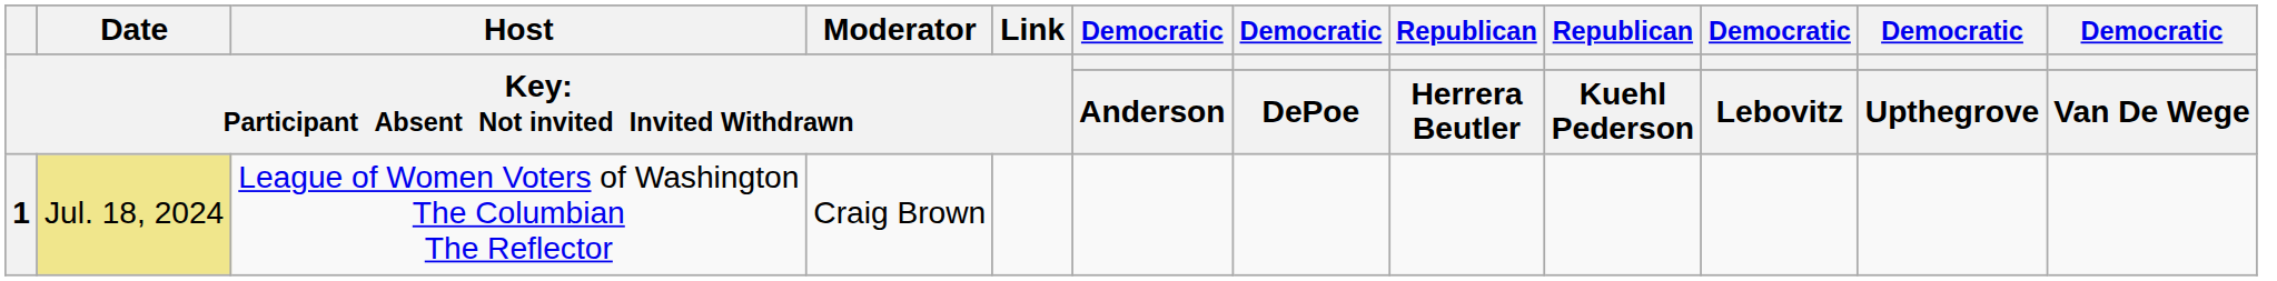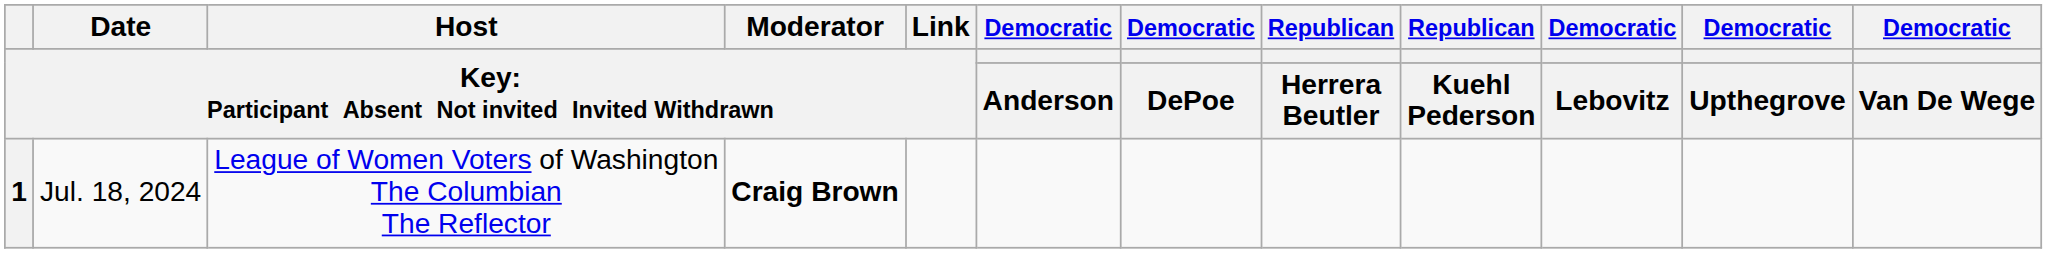 <table class="wikitable" style="text-align:center;">
 <tr>
 <th scope="col"></th>
 <th scope="col">Date</th>
 <th scope="col">Host</th>
 <th scope="col">Moderator</th>
 <th scope="col">Link</th>
 <th scope="col"><small><a href='#'>Democratic</a></small></th>
 <th scope="col"><small><a href='#'>Democratic</a></small></th>
 <th scope="col"><small><a href='#'>Republican</a></small></th>
 <th scope="col"><small><a href='#'>Republican</a></small></th>
 <th scope="col"><small><a href='#'>Democratic</a></small></th>
 <th scope="col"><small><a href='#'>Democratic</a></small></th>
 <th scope="col"><small><a href='#'>Democratic</a></small></th>
 </tr>
 <tr>
 <th colspan="5" rowspan="2">Key:<br> <small>Participant </small>  <small>Absent </small>  <small>Not invited </small>  <small>Invited  Withdrawn</small></th>
 <th scope="col" style="background:"></th>
 <th scope="col" style="background:"></th>
 <th scope="col" style="background:"></th>
 <th scope="col" style="background:"></th>
 <th scope="col" style="background:"></th>
 <th scope="col" style="background:"></th>
 <th scope="col" style="background:"></th>
 </tr>
 <tr>
 <th scope="col">Anderson</th>
 <th scope="col">DePoe</th>
 <th scope="col">Herrera<br>Beutler</th>
 <th scope="col">Kuehl<br>Pederson</th>
 <th scope="col">Lebovitz</th>
 <th scope="col">Upthegrove</th>
 <th scope="col">Van De Wege</th>
 </tr>
 <tr>
 <th>1</th>
-<td style="background: khaki; white-space:nowrap;">Jul. 18, 2024</td>
+<td style="white-space:nowrap;">Jul. 18, 2024</td>
 <td style="white-space:nowrap;"><a href='#'>League of Women Voters</a> of Washington<br><a href='#'>The Columbian</a><br><a href='#'>The Reflector</a></td>
-<td style="white-space:nowrap;">Craig Brown</td>
+<td style="white-space:nowrap;"><strong>Craig Brown</strong></td>
 <td style="white-space:nowrap;"></td>
 <td></td>
 <td></td>
 <td></td>
 <td></td>
 <td></td>
 <td></td>
 <td></td>
 </tr>
 </table>
